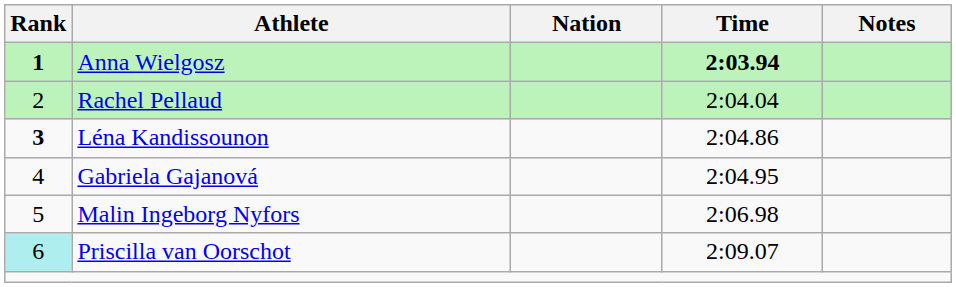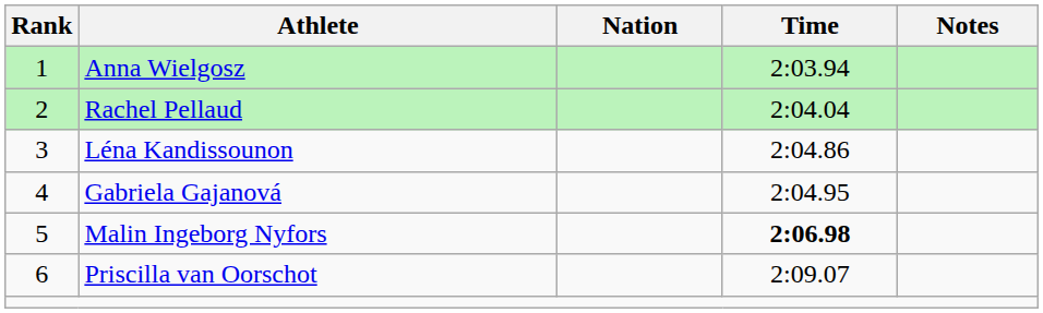 <table class="wikitable sortable" style="text-align:center;width: 50%;">
 <tr>
 <th scope="col" style="width: 10px;">Rank</th>
 <th scope="col">Athlete</th>
 <th scope="col">Nation</th>
 <th scope="col">Time</th>
 <th scope="col">Notes</th>
 </tr>
 <tr bgcolor=bbf3bb>
-<td><strong>1</strong></td>
+<td>1</td>
 <td align=left><a href='#'>Anna Wielgosz</a></td>
 <td align=left></td>
-<td><strong>2:03.94</strong></td>
+<td>2:03.94</td>
 <td></td>
 </tr>
 <tr bgcolor=bbf3bb>
 <td>2</td>
 <td align=left><a href='#'>Rachel Pellaud</a></td>
 <td align=left></td>
 <td>2:04.04</td>
 <td></td>
 </tr>
 <tr>
-<td><strong>3</strong></td>
+<td>3</td>
 <td align=left><a href='#'>Léna Kandissounon</a></td>
 <td align=left></td>
 <td>2:04.86</td>
 <td></td>
 </tr>
 <tr>
 <td>4</td>
 <td align=left><a href='#'>Gabriela Gajanová</a></td>
 <td align=left></td>
 <td>2:04.95</td>
 <td></td>
 </tr>
 <tr>
 <td>5</td>
 <td align=left><a href='#'>Malin Ingeborg Nyfors</a></td>
 <td align=left></td>
-<td>2:06.98</td>
+<td><strong>2:06.98</strong></td>
 <td></td>
 </tr>
 <tr>
-<td style="background: paleturquoise;">6</td>
+<td>6</td>
 <td align=left><a href='#'>Priscilla van Oorschot</a></td>
 <td align=left></td>
 <td>2:09.07</td>
 <td></td>
 </tr>
 <tr class="sortbottom">
 <td colspan="5"></td>
 </tr>
 </table>
